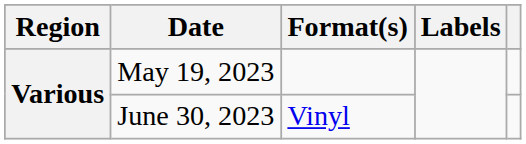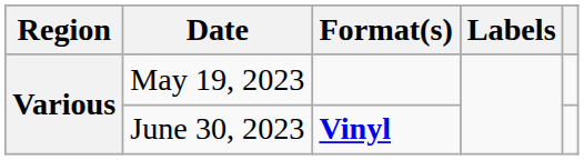 <table class="wikitable plainrowheaders">
 <tr>
 <th scope="col">Region</th>
 <th scope="col">Date</th>
 <th scope="col">Format(s)</th>
 <th scope="col">Labels</th>
 <th scope="col"></th>
 </tr>
 <tr>
 <th rowspan="2" scope="row">Various</th>
 <td>May 19, 2023</td>
 <td></td>
 <td rowspan="2"></td>
 <td align="center"></td>
 </tr>
 <tr>
 <td>June 30, 2023</td>
-<td><a href='#'>Vinyl</a></td>
+<td><strong><a href='#'>Vinyl</a></strong></td>
 <td align="center"></td>
 </tr>
 </table>
